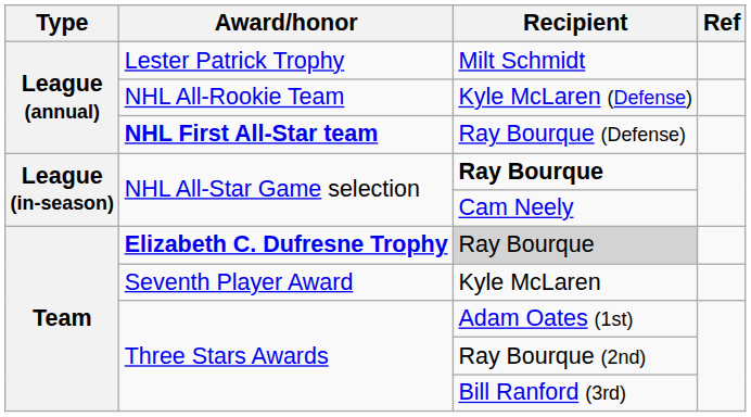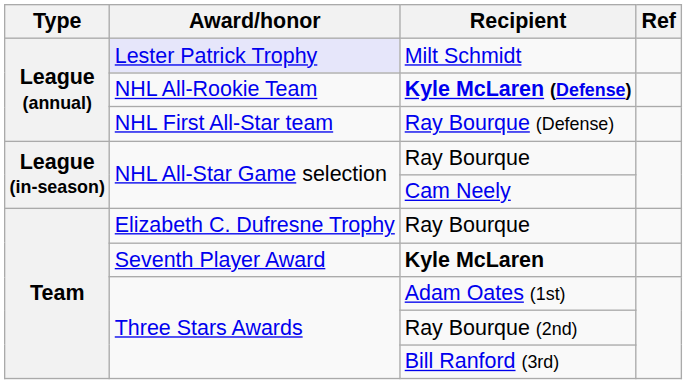 <table class="wikitable">
 <tr>
 <th scope="col">Type</th>
 <th scope="col">Award/honor</th>
 <th scope="col">Recipient</th>
 <th scope="col">Ref</th>
 </tr>
 <tr>
 <th scope="row" rowspan="3">League<br><small>(annual)</small></th>
-<td><a href='#'>Lester Patrick Trophy</a></td>
+<td style="background: lavender;"><a href='#'>Lester Patrick Trophy</a></td>
 <td><a href='#'>Milt Schmidt</a></td>
 <td></td>
 </tr>
 <tr>
 <td><a href='#'>NHL All-Rookie Team</a></td>
-<td><a href='#'>Kyle McLaren</a> <small>(<a href='#'>Defense</a>)</small></td>
+<td><strong><a href='#'>Kyle McLaren</a> <small>(<a href='#'>Defense</a>)</small></strong></td>
 <td></td>
 </tr>
 <tr>
-<td><strong><a href='#'>NHL First All-Star team</a></strong></td>
+<td><a href='#'>NHL First All-Star team</a></td>
 <td><a href='#'>Ray Bourque</a> <small>(Defense)</small></td>
 <td></td>
 </tr>
 <tr>
 <th scope="row" rowspan=2>League<br><small>(in-season)</small></th>
 <td rowspan=2><a href='#'>NHL All-Star Game</a> selection</td>
-<td><strong>Ray Bourque</strong></td>
+<td>Ray Bourque</td>
 <td rowspan=2></td>
 </tr>
 <tr>
 <td><a href='#'>Cam Neely</a></td>
 </tr>
 <tr>
 <th scope="row" rowspan="6">Team<br></th>
-<td><strong><a href='#'>Elizabeth C. Dufresne Trophy</a></strong></td>
-<td style="background: lightgrey;">Ray Bourque</td>
+<td><a href='#'>Elizabeth C. Dufresne Trophy</a></td>
+<td>Ray Bourque</td>
 <td></td>
 </tr>
 <tr>
 <td><a href='#'>Seventh Player Award</a></td>
-<td>Kyle McLaren</td>
+<td><strong>Kyle McLaren</strong></td>
 <td></td>
 </tr>
 <tr>
 <td rowspan="3"><a href='#'>Three Stars Awards</a></td>
 <td><a href='#'>Adam Oates</a> <small>(1st)</small></td>
 <td rowspan="3"></td>
 </tr>
 <tr>
 <td>Ray Bourque <small>(2nd)</small></td>
 </tr>
 <tr>
 <td><a href='#'>Bill Ranford</a> <small>(3rd)</small></td>
 </tr>
 </table>
